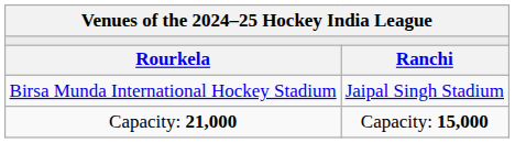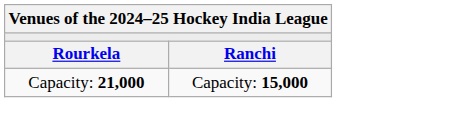 <table class="wikitable" style="float:left; text-align:center;margin:auto;font-size:90%;">
 <tr>
 <th colspan="2">Venues of the 2024–25 Hockey India League</th>
 </tr>
 <tr>
 <td style="background:#ececec;color:#2C2C2C;vertical-align:middle;text-align: center;" colspan="2"></td>
 </tr>
 <tr>
 <th><a href='#'>Rourkela</a></th>
 <th><a href='#'>Ranchi</a></th>
 </tr>
 <tr>
-<td><a href='#'>Birsa Munda International Hockey Stadium</a></td>
-<td><a href='#'>Jaipal Singh Stadium</a></td>
-</tr>
-<tr>
 <td>Capacity: <strong>21,000</strong></td>
 <td>Capacity: <strong>15,000</strong></td>
 </tr>
 </table>
